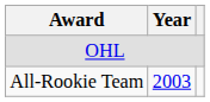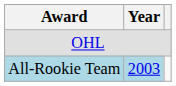 <table class="wikitable">
 <tr>
 <th>Award</th>
 <th>Year</th>
 <th></th>
 </tr>
 <tr ALIGN="center" bgcolor="#e0e0e0">
 <td colspan="3"><a href='#'>OHL</a></td>
 </tr>
 <tr>
-<td>All-Rookie Team</td>
-<td><a href='#'>2003</a></td>
+<td style="background: lightblue;">All-Rookie Team</td>
+<td style="background: lightblue;"><a href='#'>2003</a></td>
 <td></td>
 </tr>
 </table>
